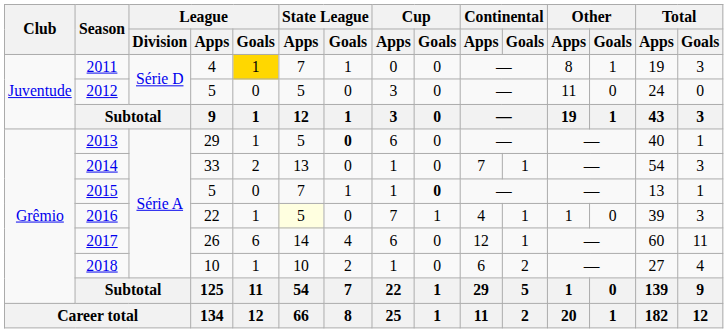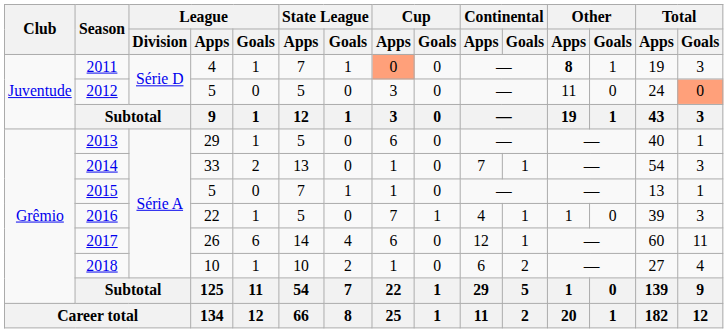 <table class="wikitable" style="text-align: center;">
 <tr>
 <th rowspan="2">Club</th>
 <th rowspan="2">Season</th>
 <th colspan="3">League</th>
 <th colspan="2">State League</th>
 <th colspan="2">Cup</th>
 <th colspan="2">Continental</th>
 <th colspan="2">Other</th>
 <th colspan="2">Total</th>
 </tr>
 <tr>
 <th>Division</th>
 <th>Apps</th>
 <th>Goals</th>
 <th>Apps</th>
 <th>Goals</th>
 <th>Apps</th>
 <th>Goals</th>
 <th>Apps</th>
 <th>Goals</th>
 <th>Apps</th>
 <th>Goals</th>
 <th>Apps</th>
 <th>Goals</th>
 </tr>
 <tr>
 <td rowspan="3" valign="center"><a href='#'>Juventude</a></td>
 <td><a href='#'>2011</a></td>
 <td rowspan="2"><a href='#'>Série D</a></td>
 <td>4</td>
-<td style="background: gold;">1</td>
+<td>1</td>
 <td>7</td>
 <td>1</td>
-<td>0</td>
+<td style="background: lightsalmon;">0</td>
 <td>0</td>
 <td colspan="2">—</td>
-<td>8</td>
+<td><strong>8</strong></td>
 <td>1</td>
 <td>19</td>
 <td>3</td>
 </tr>
 <tr>
 <td><a href='#'>2012</a></td>
 <td>5</td>
 <td>0</td>
 <td>5</td>
 <td>0</td>
 <td>3</td>
 <td>0</td>
 <td colspan="2">—</td>
 <td>11</td>
 <td>0</td>
 <td>24</td>
-<td>0</td>
+<td style="background: lightsalmon;">0</td>
 </tr>
 <tr>
 <th colspan="2">Subtotal</th>
 <th>9</th>
 <th>1</th>
 <th>12</th>
 <th>1</th>
 <th>3</th>
 <th>0</th>
 <th colspan="2">—</th>
 <th>19</th>
 <th>1</th>
 <th>43</th>
 <th>3</th>
 </tr>
 <tr>
 <td rowspan="7" valign="center"><a href='#'>Grêmio</a></td>
 <td><a href='#'>2013</a></td>
 <td rowspan="6"><a href='#'>Série A</a></td>
 <td>29</td>
 <td>1</td>
 <td>5</td>
-<td><strong>0</strong></td>
+<td>0</td>
 <td>6</td>
 <td>0</td>
 <td colspan="2">—</td>
 <td colspan="2">—</td>
 <td>40</td>
 <td>1</td>
 </tr>
 <tr>
 <td><a href='#'>2014</a></td>
 <td>33</td>
 <td>2</td>
 <td>13</td>
 <td>0</td>
 <td>1</td>
 <td>0</td>
 <td>7</td>
 <td>1</td>
 <td colspan="2">—</td>
 <td>54</td>
 <td>3</td>
 </tr>
 <tr>
 <td><a href='#'>2015</a></td>
 <td>5</td>
 <td>0</td>
 <td>7</td>
 <td>1</td>
 <td>1</td>
-<td><strong>0</strong></td>
+<td>0</td>
 <td colspan="2">—</td>
 <td colspan="2">—</td>
 <td>13</td>
 <td>1</td>
 </tr>
 <tr>
 <td><a href='#'>2016</a></td>
 <td>22</td>
 <td>1</td>
-<td style="background: lightyellow;">5</td>
+<td>5</td>
 <td>0</td>
 <td>7</td>
 <td>1</td>
 <td>4</td>
 <td>1</td>
 <td>1</td>
 <td>0</td>
 <td>39</td>
 <td>3</td>
 </tr>
 <tr>
 <td><a href='#'>2017</a></td>
 <td>26</td>
 <td>6</td>
 <td>14</td>
 <td>4</td>
 <td>6</td>
 <td>0</td>
 <td>12</td>
 <td>1</td>
 <td colspan="2">—</td>
 <td>60</td>
 <td>11</td>
 </tr>
 <tr>
 <td><a href='#'>2018</a></td>
 <td>10</td>
 <td>1</td>
 <td>10</td>
 <td>2</td>
 <td>1</td>
 <td>0</td>
 <td>6</td>
 <td>2</td>
 <td colspan="2">—</td>
 <td>27</td>
 <td>4</td>
 </tr>
 <tr>
 <th colspan="2">Subtotal</th>
 <th>125</th>
 <th>11</th>
 <th>54</th>
 <th>7</th>
 <th>22</th>
 <th>1</th>
 <th>29</th>
 <th>5</th>
 <th>1</th>
 <th>0</th>
 <th>139</th>
 <th>9</th>
 </tr>
 <tr>
 <th colspan="3"><strong>Career total</strong></th>
 <th>134</th>
 <th>12</th>
 <th>66</th>
 <th>8</th>
 <th>25</th>
 <th>1</th>
 <th>11</th>
 <th>2</th>
 <th>20</th>
 <th>1</th>
 <th>182</th>
 <th>12</th>
 </tr>
 </table>
